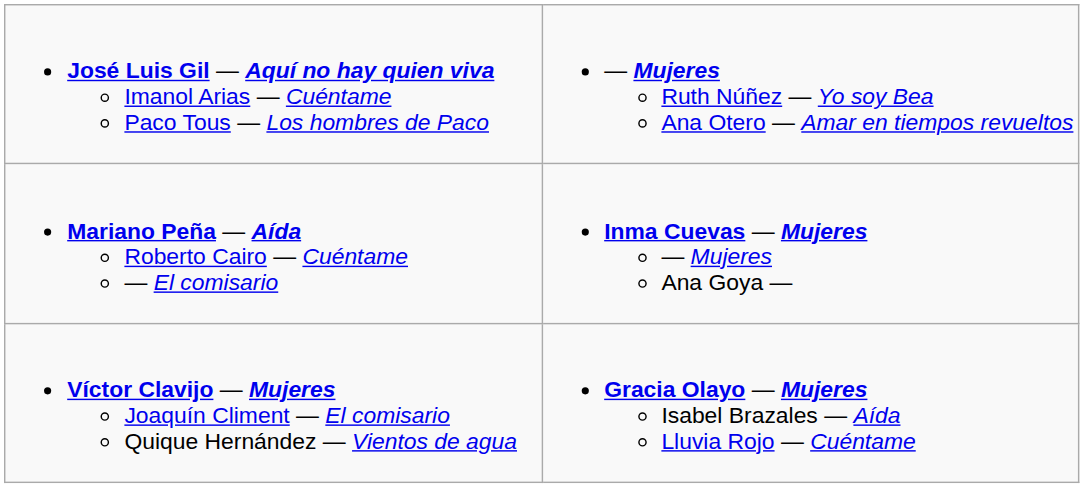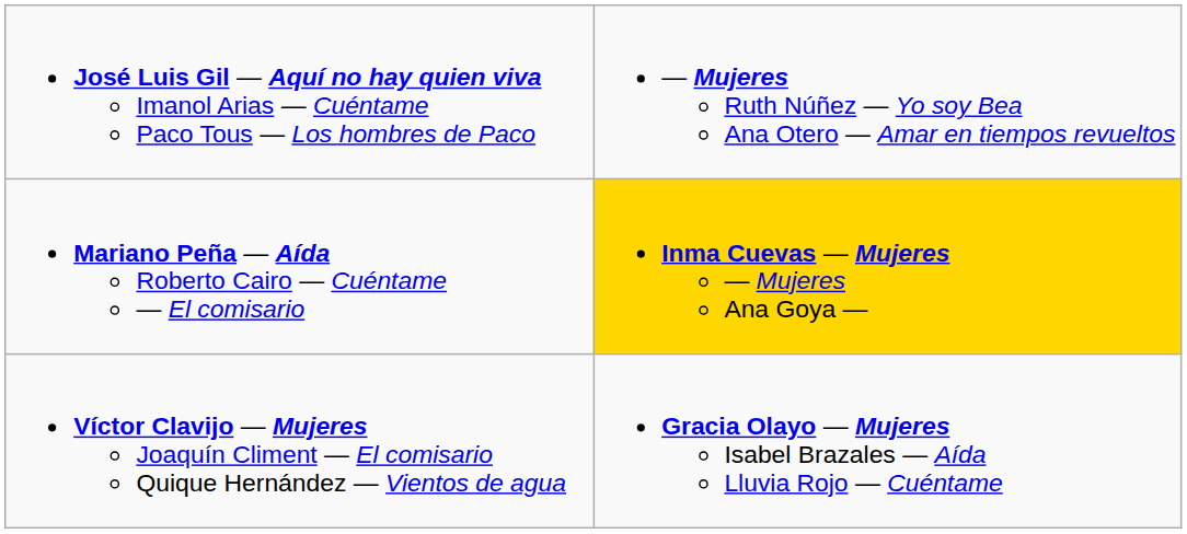 <table class=wikitable>
 <tr>
 <td style="vertical-align:top;" width="50%"><br><ul><li><strong><a href='#'>José Luis Gil</a></strong> — <strong><em><a href='#'>Aquí no hay quien viva</a></em></strong><ul><li><a href='#'>Imanol Arias</a> — <em><a href='#'>Cuéntame</a></em></li><li><a href='#'>Paco Tous</a> — <em><a href='#'>Los hombres de Paco</a></em></li></ul></li></ul></td>
 <td style="vertical-align:top;" width="50%"><br><ul><li><strong></strong> — <strong><em><a href='#'>Mujeres</a></em></strong><ul><li><a href='#'>Ruth Núñez</a> — <em><a href='#'>Yo soy Bea</a></em></li><li><a href='#'>Ana Otero</a> — <em><a href='#'>Amar en tiempos revueltos</a></em></li></ul></li></ul></td>
 </tr>
 <tr>
 <td style="vertical-align:top;" width="50%"><br><ul><li><strong><a href='#'>Mariano Peña</a></strong> — <strong><em><a href='#'>Aída</a></em></strong><ul><li><a href='#'>Roberto Cairo</a> — <em><a href='#'>Cuéntame</a></em></li><li> — <em><a href='#'>El comisario</a></em></li></ul></li></ul></td>
-<td style="vertical-align:top;" width="50%"><br><ul><li><strong><a href='#'>Inma Cuevas</a></strong> — <strong><em><a href='#'>Mujeres</a></em></strong><ul><li> — <em><a href='#'>Mujeres</a></em></li><li>Ana Goya — <em></em></li></ul></li></ul></td>
+<td style="background: gold; vertical-align:top;" width="50%"><br><ul><li><strong><a href='#'>Inma Cuevas</a></strong> — <strong><em><a href='#'>Mujeres</a></em></strong><ul><li> — <em><a href='#'>Mujeres</a></em></li><li>Ana Goya — <em></em></li></ul></li></ul></td>
 </tr>
 <tr>
 <td style="vertical-align:top;" width="50%"><br><ul><li><strong><a href='#'>Víctor Clavijo</a></strong> — <strong><em><a href='#'>Mujeres</a></em></strong><ul><li><a href='#'>Joaquín Climent</a> — <em><a href='#'>El comisario</a></em></li><li>Quique Hernández — <em><a href='#'>Vientos de agua</a></em></li></ul></li></ul></td>
 <td style="vertical-align:top;" width="50%"><br><ul><li><strong><a href='#'>Gracia Olayo</a></strong> — <strong><em><a href='#'>Mujeres</a></em></strong><ul><li>Isabel Brazales — <em><a href='#'>Aída</a></em></li><li><a href='#'>Lluvia Rojo</a> — <em><a href='#'>Cuéntame</a></em></li></ul></li></ul></td>
 </tr>
 </table>
